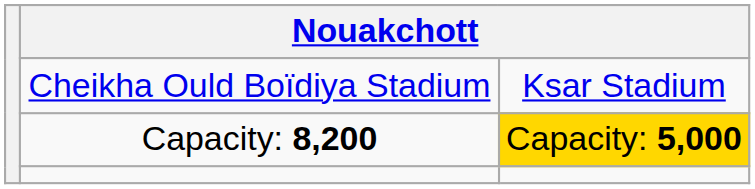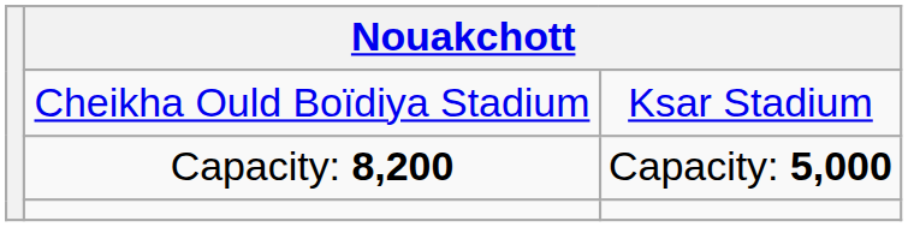 <table class="wikitable" style="text-align:center">
 <tr>
 <th rowspan="4"></th>
 <th colspan=2><a href='#'>Nouakchott</a></th>
 </tr>
 <tr>
 <td><a href='#'>Cheikha Ould Boïdiya Stadium</a></td>
 <td><a href='#'>Ksar Stadium</a></td>
 </tr>
 <tr>
 <td>Capacity: <strong>8,200</strong></td>
-<td style="background: gold;">Capacity: <strong>5,000</strong></td>
+<td>Capacity: <strong>5,000</strong></td>
 </tr>
 <tr>
 <td></td>
 <td></td>
 </tr>
 </table>
